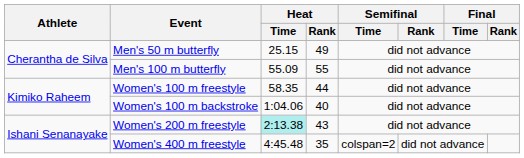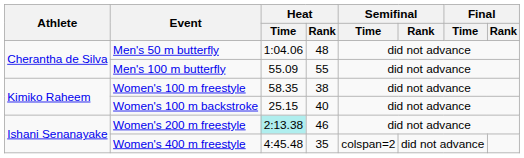 <table class=wikitable style="font-size:90%">
 <tr>
 <th rowspan="2">Athlete</th>
 <th rowspan="2">Event</th>
 <th colspan="2">Heat</th>
 <th colspan="2">Semifinal</th>
 <th colspan="2">Final</th>
 </tr>
 <tr style="font-size:95%">
 <th>Time</th>
 <th>Rank</th>
 <th>Time</th>
 <th>Rank</th>
 <th>Time</th>
 <th>Rank</th>
 </tr>
 <tr align=center>
 <td align=left rowspan=2><a href='#'>Cherantha de Silva</a></td>
 <td align=left><a href='#'>Men's 50 m butterfly</a></td>
-<td>25.15</td>
-<td>49</td>
+<td>1:04.06</td>
+<td>48</td>
 <td colspan=4>did not advance</td>
 </tr>
 <tr align=center>
 <td align=left><a href='#'>Men's 100 m butterfly</a></td>
 <td>55.09</td>
 <td>55</td>
 <td colspan=4>did not advance</td>
 </tr>
 <tr align=center>
 <td align=left rowspan=2><a href='#'>Kimiko Raheem</a></td>
 <td align=left><a href='#'>Women's 100 m freestyle</a></td>
 <td>58.35</td>
-<td>44</td>
+<td>38</td>
 <td colspan=4>did not advance</td>
 </tr>
 <tr align=center>
 <td align=left><a href='#'>Women's 100 m backstroke</a></td>
-<td>1:04.06</td>
+<td>25.15</td>
 <td>40</td>
 <td colspan=4>did not advance</td>
 </tr>
 <tr align=center>
 <td align=left rowspan=2><a href='#'>Ishani Senanayake</a></td>
 <td align=left><a href='#'>Women's 200 m freestyle</a></td>
 <td style="background: paleturquoise;">2:13.38</td>
-<td>43</td>
+<td>46</td>
 <td colspan=4>did not advance</td>
 </tr>
 <tr align=center>
 <td align=left><a href='#'>Women's 400 m freestyle</a></td>
 <td>4:45.48</td>
 <td>35</td>
 <td>colspan=2 </td>
 <td colspan=2>did not advance</td>
 </tr>
 </table>
